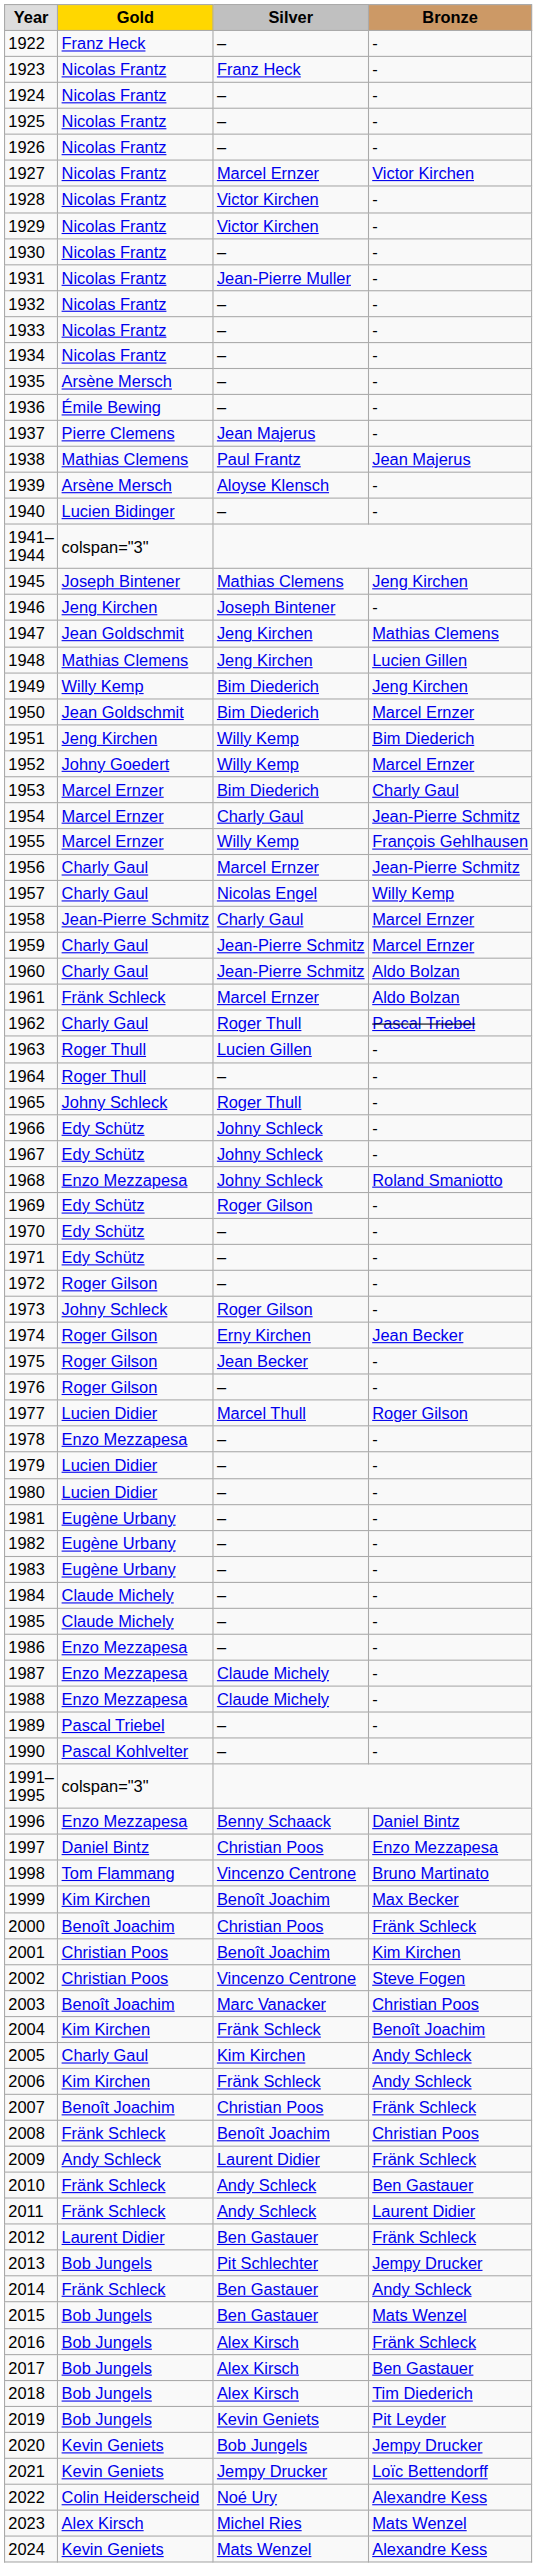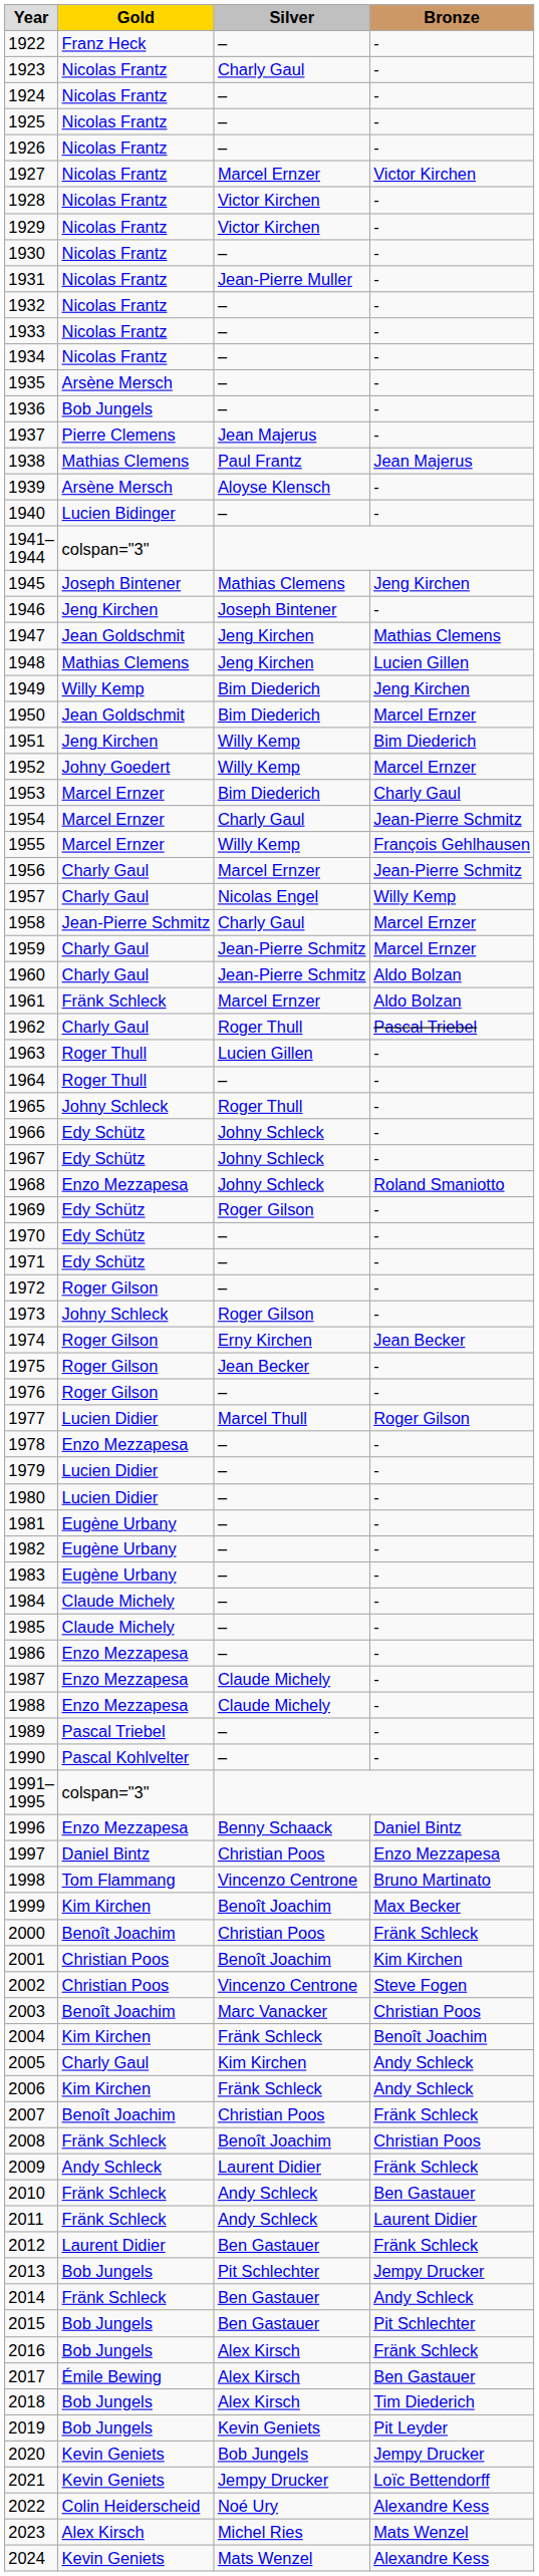 <table class="wikitable sortable" style="font-size:95%">
 <tr style="text-align:center; background:#e4e4e4; font-weight:bold;">
 <td style="background:#ddd; ">Year</td>
 <td style="background:gold; ">Gold</td>
 <td style="background:silver; ">Silver</td>
 <td style="background:#c96; ">Bronze</td>
 </tr>
 <tr>
 <td>1922</td>
 <td><a href='#'>Franz Heck</a></td>
 <td>–</td>
 <td>-</td>
 </tr>
 <tr>
 <td>1923</td>
 <td><a href='#'>Nicolas Frantz</a></td>
-<td><a href='#'>Franz Heck</a></td>
+<td><a href='#'>Charly Gaul</a></td>
 <td>-</td>
 </tr>
 <tr>
 <td>1924</td>
 <td><a href='#'>Nicolas Frantz</a></td>
 <td>–</td>
 <td>-</td>
 </tr>
 <tr>
 <td>1925</td>
 <td><a href='#'>Nicolas Frantz</a></td>
 <td>–</td>
 <td>-</td>
 </tr>
 <tr>
 <td>1926</td>
 <td><a href='#'>Nicolas Frantz</a></td>
 <td>–</td>
 <td>-</td>
 </tr>
 <tr>
 <td>1927</td>
 <td><a href='#'>Nicolas Frantz</a></td>
 <td><a href='#'>Marcel Ernzer</a></td>
 <td><a href='#'>Victor Kirchen</a></td>
 </tr>
 <tr>
 <td>1928</td>
 <td><a href='#'>Nicolas Frantz</a></td>
 <td><a href='#'>Victor Kirchen</a></td>
 <td>-</td>
 </tr>
 <tr>
 <td>1929</td>
 <td><a href='#'>Nicolas Frantz</a></td>
 <td><a href='#'>Victor Kirchen</a></td>
 <td>-</td>
 </tr>
 <tr>
 <td>1930</td>
 <td><a href='#'>Nicolas Frantz</a></td>
 <td>–</td>
 <td>-</td>
 </tr>
 <tr>
 <td>1931</td>
 <td><a href='#'>Nicolas Frantz</a></td>
 <td><a href='#'>Jean-Pierre Muller</a></td>
 <td>-</td>
 </tr>
 <tr>
 <td>1932</td>
 <td><a href='#'>Nicolas Frantz</a></td>
 <td>–</td>
 <td>-</td>
 </tr>
 <tr>
 <td>1933</td>
 <td><a href='#'>Nicolas Frantz</a></td>
 <td>–</td>
 <td>-</td>
 </tr>
 <tr>
 <td>1934</td>
 <td><a href='#'>Nicolas Frantz</a></td>
 <td>–</td>
 <td>-</td>
 </tr>
 <tr>
 <td>1935</td>
 <td><a href='#'>Arsène Mersch</a></td>
 <td>–</td>
 <td>-</td>
 </tr>
 <tr>
 <td>1936</td>
-<td><a href='#'>Émile Bewing</a></td>
+<td><a href='#'>Bob Jungels</a></td>
 <td>–</td>
 <td>-</td>
 </tr>
 <tr>
 <td>1937</td>
 <td><a href='#'>Pierre Clemens</a></td>
 <td><a href='#'>Jean Majerus</a></td>
 <td>-</td>
 </tr>
 <tr>
 <td>1938</td>
 <td><a href='#'>Mathias Clemens</a></td>
 <td><a href='#'>Paul Frantz</a></td>
 <td><a href='#'>Jean Majerus</a></td>
 </tr>
 <tr>
 <td>1939</td>
 <td><a href='#'>Arsène Mersch</a></td>
 <td><a href='#'>Aloyse Klensch</a></td>
 <td>-</td>
 </tr>
 <tr>
 <td>1940</td>
 <td><a href='#'>Lucien Bidinger</a></td>
 <td>–</td>
 <td>-</td>
 </tr>
 <tr>
 <td>1941–<br>1944</td>
 <td>colspan="3" </td>
 </tr>
 <tr>
 <td>1945</td>
 <td><a href='#'>Joseph Bintener</a></td>
 <td><a href='#'>Mathias Clemens</a></td>
 <td><a href='#'>Jeng Kirchen</a></td>
 </tr>
 <tr>
 <td>1946</td>
 <td><a href='#'>Jeng Kirchen</a></td>
 <td><a href='#'>Joseph Bintener</a></td>
 <td>-</td>
 </tr>
 <tr>
 <td>1947</td>
 <td><a href='#'>Jean Goldschmit</a></td>
 <td><a href='#'>Jeng Kirchen</a></td>
 <td><a href='#'>Mathias Clemens</a></td>
 </tr>
 <tr>
 <td>1948</td>
 <td><a href='#'>Mathias Clemens</a></td>
 <td><a href='#'>Jeng Kirchen</a></td>
 <td><a href='#'>Lucien Gillen</a></td>
 </tr>
 <tr>
 <td>1949</td>
 <td><a href='#'>Willy Kemp</a></td>
 <td><a href='#'>Bim Diederich</a></td>
 <td><a href='#'>Jeng Kirchen</a></td>
 </tr>
 <tr>
 <td>1950</td>
 <td><a href='#'>Jean Goldschmit</a></td>
 <td><a href='#'>Bim Diederich</a></td>
 <td><a href='#'>Marcel Ernzer</a></td>
 </tr>
 <tr>
 <td>1951</td>
 <td><a href='#'>Jeng Kirchen</a></td>
 <td><a href='#'>Willy Kemp</a></td>
 <td><a href='#'>Bim Diederich</a></td>
 </tr>
 <tr>
 <td>1952</td>
 <td><a href='#'>Johny Goedert</a></td>
 <td><a href='#'>Willy Kemp</a></td>
 <td><a href='#'>Marcel Ernzer</a></td>
 </tr>
 <tr>
 <td>1953</td>
 <td><a href='#'>Marcel Ernzer</a></td>
 <td><a href='#'>Bim Diederich</a></td>
 <td><a href='#'>Charly Gaul</a></td>
 </tr>
 <tr>
 <td>1954</td>
 <td><a href='#'>Marcel Ernzer</a></td>
 <td><a href='#'>Charly Gaul</a></td>
 <td><a href='#'>Jean-Pierre Schmitz</a></td>
 </tr>
 <tr>
 <td>1955</td>
 <td><a href='#'>Marcel Ernzer</a></td>
 <td><a href='#'>Willy Kemp</a></td>
 <td><a href='#'>François Gehlhausen</a></td>
 </tr>
 <tr>
 <td>1956</td>
 <td><a href='#'>Charly Gaul</a></td>
 <td><a href='#'>Marcel Ernzer</a></td>
 <td><a href='#'>Jean-Pierre Schmitz</a></td>
 </tr>
 <tr>
 <td>1957</td>
 <td><a href='#'>Charly Gaul</a></td>
 <td><a href='#'>Nicolas Engel</a></td>
 <td><a href='#'>Willy Kemp</a></td>
 </tr>
 <tr>
 <td>1958</td>
 <td><a href='#'>Jean-Pierre Schmitz</a></td>
 <td><a href='#'>Charly Gaul</a></td>
 <td><a href='#'>Marcel Ernzer</a></td>
 </tr>
 <tr>
 <td>1959</td>
 <td><a href='#'>Charly Gaul</a></td>
 <td><a href='#'>Jean-Pierre Schmitz</a></td>
 <td><a href='#'>Marcel Ernzer</a></td>
 </tr>
 <tr>
 <td>1960</td>
 <td><a href='#'>Charly Gaul</a></td>
 <td><a href='#'>Jean-Pierre Schmitz</a></td>
 <td><a href='#'>Aldo Bolzan</a></td>
 </tr>
 <tr>
 <td>1961</td>
 <td><a href='#'>Fränk Schleck</a></td>
 <td><a href='#'>Marcel Ernzer</a></td>
 <td><a href='#'>Aldo Bolzan</a></td>
 </tr>
 <tr>
 <td>1962</td>
 <td><a href='#'>Charly Gaul</a></td>
 <td><a href='#'>Roger Thull</a></td>
 <td><s><a href='#'>Pascal Triebel</a></s></td>
 </tr>
 <tr>
 <td>1963</td>
 <td><a href='#'>Roger Thull</a></td>
 <td><a href='#'>Lucien Gillen</a></td>
 <td>-</td>
 </tr>
 <tr>
 <td>1964</td>
 <td><a href='#'>Roger Thull</a></td>
 <td>–</td>
 <td>-</td>
 </tr>
 <tr>
 <td>1965</td>
 <td><a href='#'>Johny Schleck</a></td>
 <td><a href='#'>Roger Thull</a></td>
 <td>-</td>
 </tr>
 <tr>
 <td>1966</td>
 <td><a href='#'>Edy Schütz</a></td>
 <td><a href='#'>Johny Schleck</a></td>
 <td>-</td>
 </tr>
 <tr>
 <td>1967</td>
 <td><a href='#'>Edy Schütz</a></td>
 <td><a href='#'>Johny Schleck</a></td>
 <td>-</td>
 </tr>
 <tr>
 <td>1968</td>
 <td><a href='#'>Enzo Mezzapesa</a></td>
 <td><a href='#'>Johny Schleck</a></td>
 <td><a href='#'>Roland Smaniotto</a></td>
 </tr>
 <tr>
 <td>1969</td>
 <td><a href='#'>Edy Schütz</a></td>
 <td><a href='#'>Roger Gilson</a></td>
 <td>-</td>
 </tr>
 <tr>
 <td>1970</td>
 <td><a href='#'>Edy Schütz</a></td>
 <td>–</td>
 <td>-</td>
 </tr>
 <tr>
 <td>1971</td>
 <td><a href='#'>Edy Schütz</a></td>
 <td>–</td>
 <td>-</td>
 </tr>
 <tr>
 <td>1972</td>
 <td><a href='#'>Roger Gilson</a></td>
 <td>–</td>
 <td>-</td>
 </tr>
 <tr>
 <td>1973</td>
 <td><a href='#'>Johny Schleck</a></td>
 <td><a href='#'>Roger Gilson</a></td>
 <td>-</td>
 </tr>
 <tr>
 <td>1974</td>
 <td><a href='#'>Roger Gilson</a></td>
 <td><a href='#'>Erny Kirchen</a></td>
 <td><a href='#'>Jean Becker</a></td>
 </tr>
 <tr>
 <td>1975</td>
 <td><a href='#'>Roger Gilson</a></td>
 <td><a href='#'>Jean Becker</a></td>
 <td>-</td>
 </tr>
 <tr>
 <td>1976</td>
 <td><a href='#'>Roger Gilson</a></td>
 <td>–</td>
 <td>-</td>
 </tr>
 <tr>
 <td>1977</td>
 <td><a href='#'>Lucien Didier</a></td>
 <td><a href='#'>Marcel Thull</a></td>
 <td><a href='#'>Roger Gilson</a></td>
 </tr>
 <tr>
 <td>1978</td>
 <td><a href='#'>Enzo Mezzapesa</a></td>
 <td>–</td>
 <td>-</td>
 </tr>
 <tr>
 <td>1979</td>
 <td><a href='#'>Lucien Didier</a></td>
 <td>–</td>
 <td>-</td>
 </tr>
 <tr>
 <td>1980</td>
 <td><a href='#'>Lucien Didier</a></td>
 <td>–</td>
 <td>-</td>
 </tr>
 <tr>
 <td>1981</td>
 <td><a href='#'>Eugène Urbany</a></td>
 <td>–</td>
 <td>-</td>
 </tr>
 <tr>
 <td>1982</td>
 <td><a href='#'>Eugène Urbany</a></td>
 <td>–</td>
 <td>-</td>
 </tr>
 <tr>
 <td>1983</td>
 <td><a href='#'>Eugène Urbany</a></td>
 <td>–</td>
 <td>-</td>
 </tr>
 <tr>
 <td>1984</td>
 <td><a href='#'>Claude Michely</a></td>
 <td>–</td>
 <td>-</td>
 </tr>
 <tr>
 <td>1985</td>
 <td><a href='#'>Claude Michely</a></td>
 <td>–</td>
 <td>-</td>
 </tr>
 <tr>
 <td>1986</td>
 <td><a href='#'>Enzo Mezzapesa</a></td>
 <td>–</td>
 <td>-</td>
 </tr>
 <tr>
 <td>1987</td>
 <td><a href='#'>Enzo Mezzapesa</a></td>
 <td><a href='#'>Claude Michely</a></td>
 <td>-</td>
 </tr>
 <tr>
 <td>1988</td>
 <td><a href='#'>Enzo Mezzapesa</a></td>
 <td><a href='#'>Claude Michely</a></td>
 <td>-</td>
 </tr>
 <tr>
 <td>1989</td>
 <td><a href='#'>Pascal Triebel</a></td>
 <td>–</td>
 <td>-</td>
 </tr>
 <tr>
 <td>1990</td>
 <td><a href='#'>Pascal Kohlvelter</a></td>
 <td>–</td>
 <td>-</td>
 </tr>
 <tr>
 <td>1991–<br>1995</td>
 <td>colspan="3" </td>
 </tr>
 <tr>
 <td>1996</td>
 <td><a href='#'>Enzo Mezzapesa</a></td>
 <td><a href='#'>Benny Schaack</a></td>
 <td><a href='#'>Daniel Bintz</a></td>
 </tr>
 <tr>
 <td>1997</td>
 <td><a href='#'>Daniel Bintz</a></td>
 <td><a href='#'>Christian Poos</a></td>
 <td><a href='#'>Enzo Mezzapesa</a></td>
 </tr>
 <tr>
 <td>1998</td>
 <td><a href='#'>Tom Flammang</a></td>
 <td><a href='#'>Vincenzo Centrone</a></td>
 <td><a href='#'>Bruno Martinato</a></td>
 </tr>
 <tr>
 <td>1999</td>
 <td><a href='#'>Kim Kirchen</a></td>
 <td><a href='#'>Benoît Joachim</a></td>
 <td><a href='#'>Max Becker</a></td>
 </tr>
 <tr>
 <td>2000</td>
 <td><a href='#'>Benoît Joachim</a></td>
 <td><a href='#'>Christian Poos</a></td>
 <td><a href='#'>Fränk Schleck</a></td>
 </tr>
 <tr>
 <td>2001</td>
 <td><a href='#'>Christian Poos</a></td>
 <td><a href='#'>Benoît Joachim</a></td>
 <td><a href='#'>Kim Kirchen</a></td>
 </tr>
 <tr>
 <td>2002</td>
 <td><a href='#'>Christian Poos</a></td>
 <td><a href='#'>Vincenzo Centrone</a></td>
 <td><a href='#'>Steve Fogen</a></td>
 </tr>
 <tr>
 <td>2003</td>
 <td><a href='#'>Benoît Joachim</a></td>
 <td><a href='#'>Marc Vanacker</a></td>
 <td><a href='#'>Christian Poos</a></td>
 </tr>
 <tr>
 <td>2004</td>
 <td><a href='#'>Kim Kirchen</a></td>
 <td><a href='#'>Fränk Schleck</a></td>
 <td><a href='#'>Benoît Joachim</a></td>
 </tr>
 <tr>
 <td>2005</td>
 <td><a href='#'>Charly Gaul</a></td>
 <td><a href='#'>Kim Kirchen</a></td>
 <td><a href='#'>Andy Schleck</a></td>
 </tr>
 <tr>
 <td>2006</td>
 <td><a href='#'>Kim Kirchen</a></td>
 <td><a href='#'>Fränk Schleck</a></td>
 <td><a href='#'>Andy Schleck</a></td>
 </tr>
 <tr>
 <td>2007</td>
 <td><a href='#'>Benoît Joachim</a></td>
 <td><a href='#'>Christian Poos</a></td>
 <td><a href='#'>Fränk Schleck</a></td>
 </tr>
 <tr>
 <td>2008</td>
 <td><a href='#'>Fränk Schleck</a></td>
 <td><a href='#'>Benoît Joachim</a></td>
 <td><a href='#'>Christian Poos</a></td>
 </tr>
 <tr>
 <td>2009</td>
 <td><a href='#'>Andy Schleck</a></td>
 <td><a href='#'>Laurent Didier</a></td>
 <td><a href='#'>Fränk Schleck</a></td>
 </tr>
 <tr>
 <td>2010</td>
 <td><a href='#'>Fränk Schleck</a></td>
 <td><a href='#'>Andy Schleck</a></td>
 <td><a href='#'>Ben Gastauer</a></td>
 </tr>
 <tr>
 <td>2011</td>
 <td><a href='#'>Fränk Schleck</a></td>
 <td><a href='#'>Andy Schleck</a></td>
 <td><a href='#'>Laurent Didier</a></td>
 </tr>
 <tr>
 <td>2012</td>
 <td><a href='#'>Laurent Didier</a></td>
 <td><a href='#'>Ben Gastauer</a></td>
 <td><a href='#'>Fränk Schleck</a></td>
 </tr>
 <tr>
 <td>2013</td>
 <td><a href='#'>Bob Jungels</a></td>
 <td><a href='#'>Pit Schlechter</a></td>
 <td><a href='#'>Jempy Drucker</a></td>
 </tr>
 <tr>
 <td>2014</td>
 <td><a href='#'>Fränk Schleck</a></td>
 <td><a href='#'>Ben Gastauer</a></td>
 <td><a href='#'>Andy Schleck</a></td>
 </tr>
 <tr>
 <td>2015</td>
 <td><a href='#'>Bob Jungels</a></td>
 <td><a href='#'>Ben Gastauer</a></td>
-<td><a href='#'>Mats Wenzel</a></td>
+<td><a href='#'>Pit Schlechter</a></td>
 </tr>
 <tr>
 <td>2016</td>
 <td><a href='#'>Bob Jungels</a></td>
 <td><a href='#'>Alex Kirsch</a></td>
 <td><a href='#'>Fränk Schleck</a></td>
 </tr>
 <tr>
 <td>2017</td>
-<td><a href='#'>Bob Jungels</a></td>
+<td><a href='#'>Émile Bewing</a></td>
 <td><a href='#'>Alex Kirsch</a></td>
 <td><a href='#'>Ben Gastauer</a></td>
 </tr>
 <tr>
 <td>2018</td>
 <td><a href='#'>Bob Jungels</a></td>
 <td><a href='#'>Alex Kirsch</a></td>
 <td><a href='#'>Tim Diederich</a></td>
 </tr>
 <tr>
 <td>2019</td>
 <td><a href='#'>Bob Jungels</a></td>
 <td><a href='#'>Kevin Geniets</a></td>
 <td><a href='#'>Pit Leyder</a></td>
 </tr>
 <tr>
 <td>2020</td>
 <td><a href='#'>Kevin Geniets</a></td>
 <td><a href='#'>Bob Jungels</a></td>
 <td><a href='#'>Jempy Drucker</a></td>
 </tr>
 <tr>
 <td>2021</td>
 <td><a href='#'>Kevin Geniets</a></td>
 <td><a href='#'>Jempy Drucker</a></td>
 <td><a href='#'>Loïc Bettendorff</a></td>
 </tr>
 <tr>
 <td>2022</td>
 <td><a href='#'>Colin Heiderscheid</a></td>
 <td><a href='#'>Noé Ury</a></td>
 <td><a href='#'>Alexandre Kess</a></td>
 </tr>
 <tr>
 <td>2023</td>
 <td><a href='#'>Alex Kirsch</a></td>
 <td><a href='#'>Michel Ries</a></td>
 <td><a href='#'>Mats Wenzel</a></td>
 </tr>
 <tr>
 <td>2024</td>
 <td><a href='#'>Kevin Geniets</a></td>
 <td><a href='#'>Mats Wenzel</a></td>
 <td><a href='#'>Alexandre Kess</a></td>
 </tr>
 </table>
